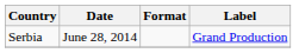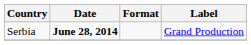 <table class="wikitable plainrowheaders">
 <tr>
 <th scope="col">Country</th>
 <th scope="col">Date</th>
 <th scope="col">Format</th>
 <th scope="col">Label</th>
 </tr>
 <tr>
 <td>Serbia</td>
-<td>June 28, 2014</td>
+<td><strong>June 28, 2014</strong></td>
 <td></td>
 <td><a href='#'>Grand Production</a></td>
 </tr>
 <tr>
 </tr>
 </table>
